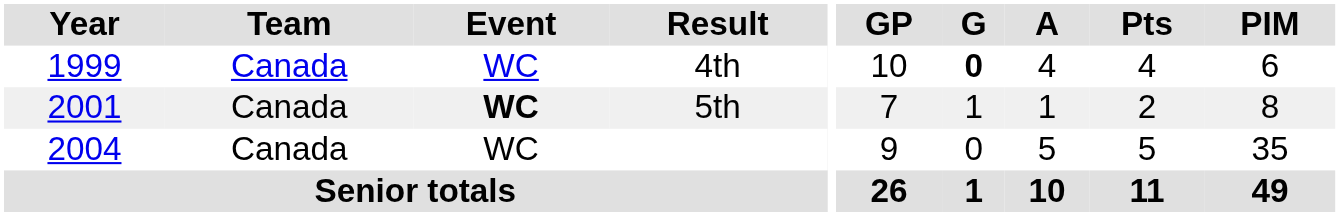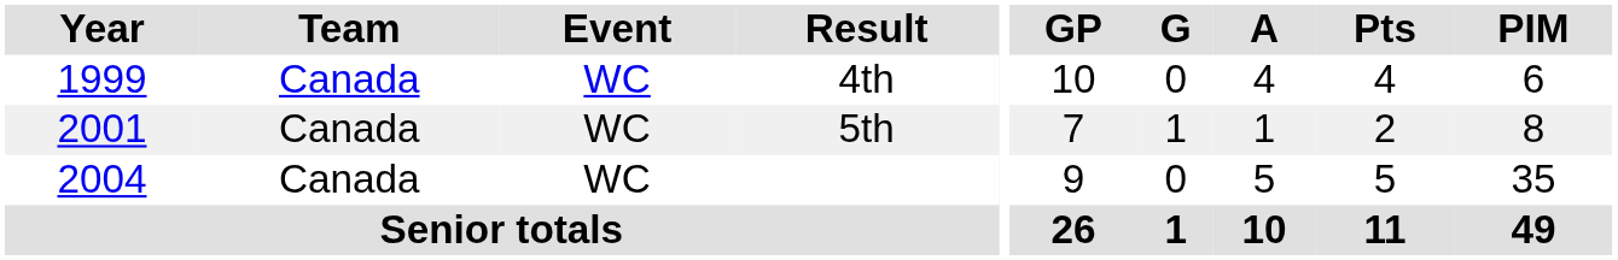 <table border="0" cellpadding="1" cellspacing="0" ID="Table3" style="text-align:center; width:40em">
 <tr ALIGN="center" bgcolor="#e0e0e0">
 <th>Year</th>
 <th>Team</th>
 <th>Event</th>
 <th>Result</th>
 <th rowspan="99" bgcolor="#ffffff"></th>
 <th>GP</th>
 <th>G</th>
 <th>A</th>
 <th>Pts</th>
 <th>PIM</th>
 </tr>
 <tr>
 <td><a href='#'>1999</a></td>
 <td><a href='#'>Canada</a></td>
 <td><a href='#'>WC</a></td>
 <td>4th</td>
 <td>10</td>
-<td><strong>0</strong></td>
+<td>0</td>
 <td>4</td>
 <td>4</td>
 <td>6</td>
 </tr>
 <tr bgcolor="#f0f0f0">
 <td><a href='#'>2001</a></td>
 <td>Canada</td>
-<td><strong>WC</strong></td>
+<td>WC</td>
 <td>5th</td>
 <td>7</td>
 <td>1</td>
 <td>1</td>
 <td>2</td>
 <td>8</td>
 </tr>
 <tr>
 <td><a href='#'>2004</a></td>
 <td>Canada</td>
 <td>WC</td>
 <td></td>
 <td>9</td>
 <td>0</td>
 <td>5</td>
 <td>5</td>
 <td>35</td>
 </tr>
 <tr bgcolor="#e0e0e0">
 <th colspan=4>Senior totals</th>
 <th>26</th>
 <th>1</th>
 <th>10</th>
 <th>11</th>
 <th>49</th>
 </tr>
 </table>
